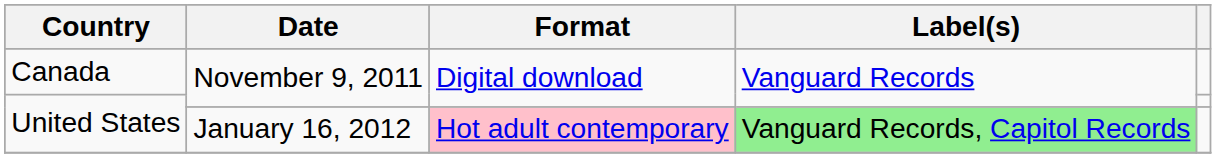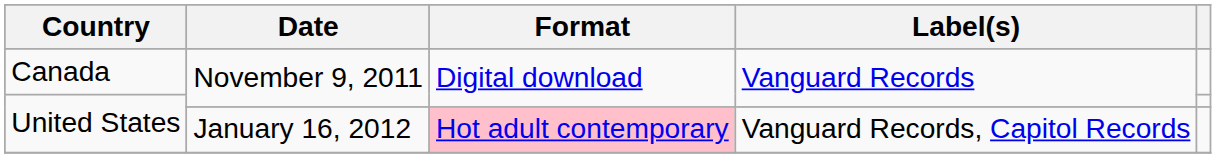 <table class="wikitable">
 <tr>
 <th>Country</th>
 <th>Date</th>
 <th>Format</th>
 <th>Label(s)</th>
 <th></th>
 </tr>
 <tr>
 <td>Canada</td>
 <td rowspan="2">November 9, 2011</td>
 <td rowspan="2"><a href='#'>Digital download</a></td>
 <td rowspan="2"><a href='#'>Vanguard Records</a></td>
 <td></td>
 </tr>
 <tr>
 <td rowspan="2">United States</td>
 <td></td>
 </tr>
 <tr>
 <td>January 16, 2012</td>
 <td style="background: pink;"><a href='#'>Hot adult contemporary</a></td>
-<td style="background: lightgreen;">Vanguard Records, <a href='#'>Capitol Records</a></td>
+<td>Vanguard Records, <a href='#'>Capitol Records</a></td>
 <td></td>
 </tr>
 <tr>
 </tr>
 </table>
